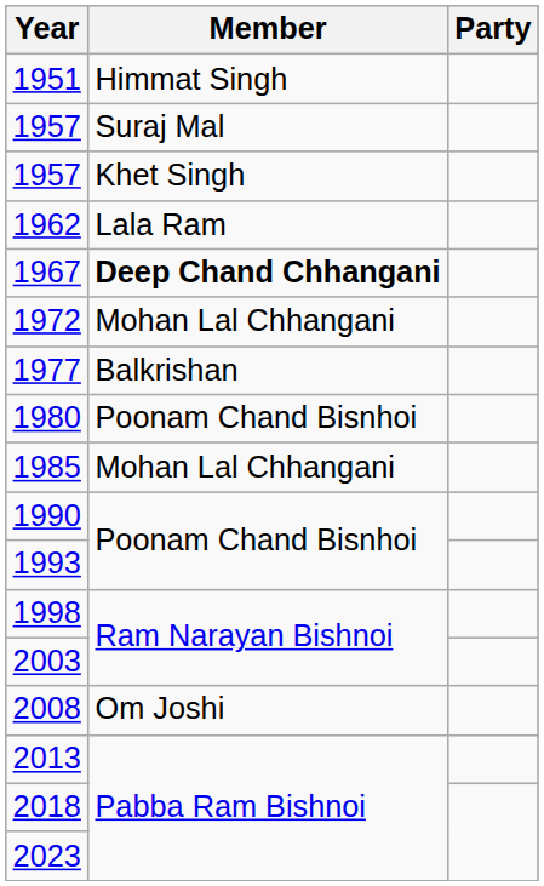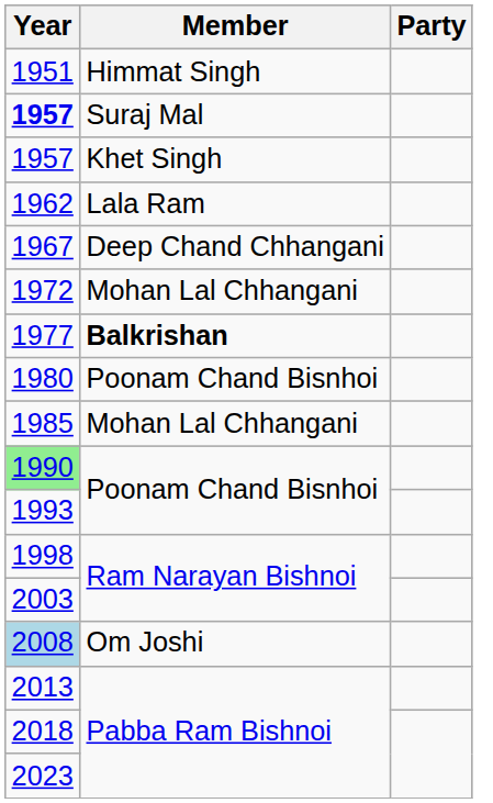 <table class="wikitable sortable">
 <tr>
 <th>Year</th>
 <th>Member</th>
 <th colspan=2>Party</th>
 </tr>
 <tr>
 <td><a href='#'>1951</a></td>
 <td>Himmat Singh</td>
 <td></td>
 </tr>
 <tr>
-<td><a href='#'>1957</a></td>
+<td><strong><a href='#'>1957</a></strong></td>
 <td>Suraj Mal</td>
 <td></td>
 </tr>
 <tr>
 <td><a href='#'>1957</a></td>
 <td>Khet Singh</td>
 </tr>
 <tr>
 <td><a href='#'>1962</a></td>
 <td>Lala Ram</td>
 <td></td>
 </tr>
 <tr>
 <td><a href='#'>1967</a></td>
-<td><strong>Deep Chand Chhangani</strong></td>
+<td>Deep Chand Chhangani</td>
 <td></td>
 </tr>
 <tr>
 <td><a href='#'>1972</a></td>
 <td>Mohan Lal Chhangani</td>
 <td></td>
 </tr>
 <tr>
 <td><a href='#'>1977</a></td>
-<td>Balkrishan</td>
+<td><strong>Balkrishan</strong></td>
 <td></td>
 </tr>
 <tr>
 <td><a href='#'>1980</a></td>
 <td>Poonam Chand Bisnhoi</td>
 <td></td>
 </tr>
 <tr>
 <td><a href='#'>1985</a></td>
 <td>Mohan Lal Chhangani</td>
 <td></td>
 </tr>
 <tr>
-<td><a href='#'>1990</a></td>
+<td style="background: lightgreen;"><a href='#'>1990</a></td>
 <td rowspan=2>Poonam Chand Bisnhoi</td>
 <td></td>
 </tr>
 <tr>
 <td><a href='#'>1993</a></td>
 </tr>
 <tr>
 <td><a href='#'>1998</a></td>
 <td rowspan=2><a href='#'>Ram Narayan Bishnoi</a></td>
 <td></td>
 </tr>
 <tr>
 <td><a href='#'>2003</a></td>
 </tr>
 <tr>
-<td><a href='#'>2008</a></td>
+<td style="background: lightblue;"><a href='#'>2008</a></td>
 <td>Om Joshi</td>
 <td></td>
 </tr>
 <tr>
 <td><a href='#'>2013</a></td>
 <td rowspan=3><a href='#'>Pabba Ram Bishnoi</a></td>
 <td></td>
 </tr>
 <tr>
 <td><a href='#'>2018</a></td>
 </tr>
 <tr>
 <td><a href='#'>2023</a></td>
 </tr>
 <tr>
 </tr>
 </table>
